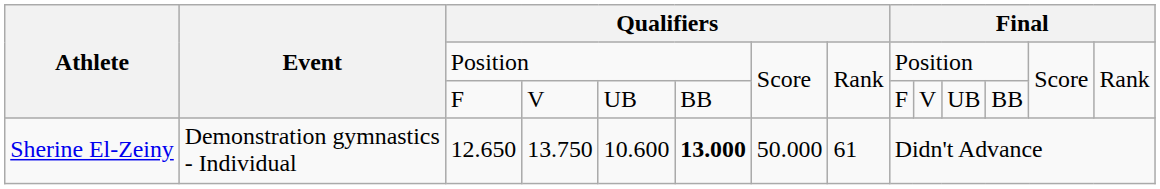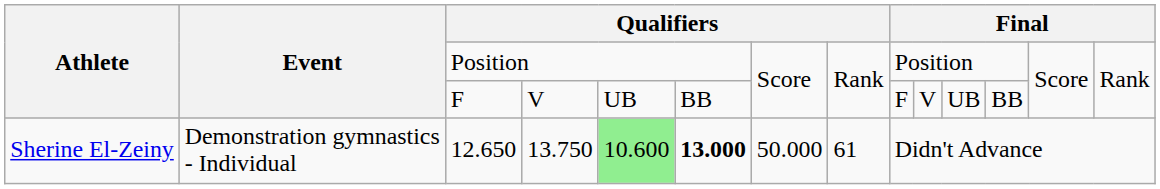 <table class="wikitable">
 <tr>
 <th rowspan="3">Athlete</th>
 <th rowspan="3">Event</th>
 <th colspan="6">Qualifiers</th>
 <th colspan="6">Final</th>
 </tr>
 <tr>
 <td colspan="4">Position</td>
 <td rowspan="2">Score</td>
 <td rowspan="2">Rank</td>
 <td colspan="4">Position</td>
 <td rowspan="2">Score</td>
 <td rowspan="2">Rank</td>
 </tr>
 <tr>
 <td>F</td>
 <td>V</td>
 <td>UB</td>
 <td>BB</td>
 <td>F</td>
 <td>V</td>
 <td>UB</td>
 <td>BB</td>
 </tr>
 <tr>
 <td><a href='#'>Sherine El-Zeiny</a></td>
 <td>Demonstration gymnastics<br>- Individual</td>
 <td>12.650</td>
 <td>13.750</td>
-<td>10.600</td>
+<td style="background: lightgreen;">10.600</td>
 <td><strong>13.000</strong></td>
 <td>50.000</td>
 <td>61</td>
 <td colspan="6">Didn't Advance</td>
 </tr>
 </table>
